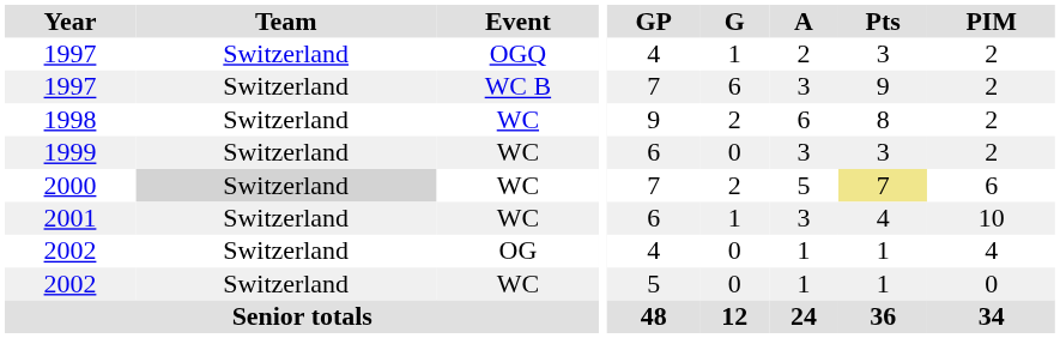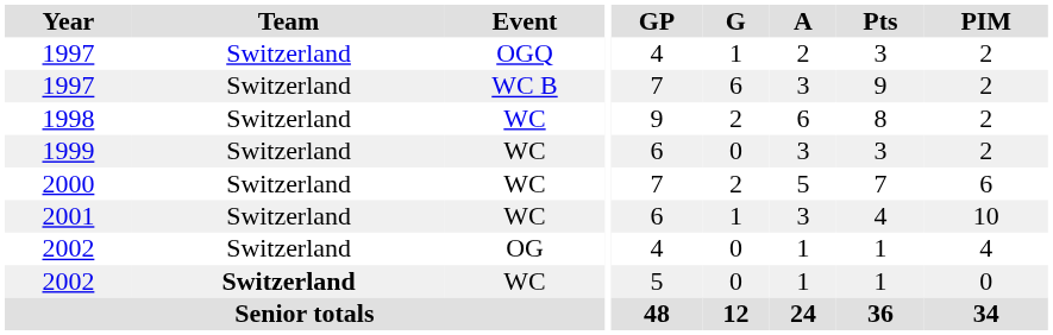 <table border="0" cellpadding="1" cellspacing="0" ID="Table3" style="text-align:center; width:40em">
 <tr ALIGN="center" bgcolor="#e0e0e0">
 <th>Year</th>
 <th>Team</th>
 <th>Event</th>
 <th rowspan="99" bgcolor="#ffffff"></th>
 <th>GP</th>
 <th>G</th>
 <th>A</th>
 <th>Pts</th>
 <th>PIM</th>
 </tr>
 <tr>
 <td><a href='#'>1997</a></td>
 <td><a href='#'>Switzerland</a></td>
 <td><a href='#'>OGQ</a></td>
 <td>4</td>
 <td>1</td>
 <td>2</td>
 <td>3</td>
 <td>2</td>
 </tr>
 <tr bgcolor="#f0f0f0">
 <td><a href='#'>1997</a></td>
 <td>Switzerland</td>
 <td><a href='#'>WC B</a></td>
 <td>7</td>
 <td>6</td>
 <td>3</td>
 <td>9</td>
 <td>2</td>
 </tr>
 <tr>
 <td><a href='#'>1998</a></td>
 <td>Switzerland</td>
 <td><a href='#'>WC</a></td>
 <td>9</td>
 <td>2</td>
 <td>6</td>
 <td>8</td>
 <td>2</td>
 </tr>
 <tr bgcolor="#f0f0f0">
 <td><a href='#'>1999</a></td>
 <td>Switzerland</td>
 <td>WC</td>
 <td>6</td>
 <td>0</td>
 <td>3</td>
 <td>3</td>
 <td>2</td>
 </tr>
 <tr>
 <td><a href='#'>2000</a></td>
-<td style="background: lightgrey;">Switzerland</td>
+<td>Switzerland</td>
 <td>WC</td>
 <td>7</td>
 <td>2</td>
 <td>5</td>
-<td style="background: khaki;">7</td>
+<td>7</td>
 <td>6</td>
 </tr>
 <tr bgcolor="#f0f0f0">
 <td><a href='#'>2001</a></td>
 <td>Switzerland</td>
 <td>WC</td>
 <td>6</td>
 <td>1</td>
 <td>3</td>
 <td>4</td>
 <td>10</td>
 </tr>
 <tr>
 <td><a href='#'>2002</a></td>
 <td>Switzerland</td>
 <td>OG</td>
 <td>4</td>
 <td>0</td>
 <td>1</td>
 <td>1</td>
 <td>4</td>
 </tr>
 <tr bgcolor="#f0f0f0">
 <td><a href='#'>2002</a></td>
-<td>Switzerland</td>
+<td><strong>Switzerland</strong></td>
 <td>WC</td>
 <td>5</td>
 <td>0</td>
 <td>1</td>
 <td>1</td>
 <td>0</td>
 </tr>
 <tr bgcolor="#e0e0e0">
 <th colspan="3">Senior totals</th>
 <th>48</th>
 <th>12</th>
 <th>24</th>
 <th>36</th>
 <th>34</th>
 </tr>
 </table>
